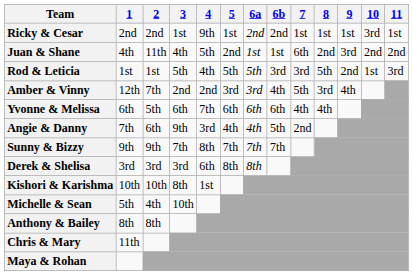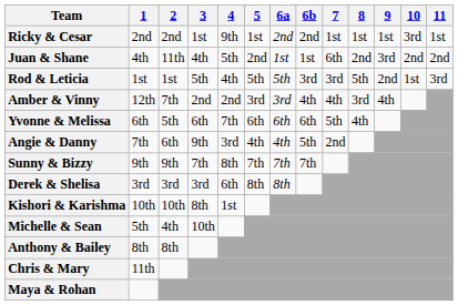 <table class="wikitable sortable" style="text-align:left;">
 <tr>
 <th scope="col" class="unsortable">Team</th>
 <th scope="col"><a href='#'>1</a></th>
 <th scope="col"><a href='#'>2</a></th>
 <th scope="col"><a href='#'>3</a></th>
 <th scope="col"><a href='#'>4</a></th>
 <th scope="col"><a href='#'>5</a></th>
 <th scope="col"><a href='#'>6a</a><span></span></th>
 <th scope="col"><a href='#'>6b</a></th>
 <th scope="col"><a href='#'>7</a></th>
 <th scope="col"><a href='#'>8</a></th>
 <th scope="col"><a href='#'>9</a></th>
 <th scope="col"><a href='#'>10</a></th>
 <th scope="col"><a href='#'>11</a></th>
 </tr>
 <tr>
 <th scope="row" style="text-align:left">Ricky & Cesar</th>
 <td>2nd</td>
 <td>2nd</td>
 <td>1st</td>
 <td>9th</td>
 <td>1st</td>
 <td><em>2nd</em></td>
 <td>2nd</td>
 <td>1st</td>
 <td>1st</td>
 <td>1st</td>
 <td>3rd</td>
 <td>1st</td>
 </tr>
 <tr>
 <th scope="row" style="text-align:left">Juan & Shane</th>
 <td>4th</td>
 <td>11th</td>
 <td>4th</td>
 <td>5th</td>
 <td>2nd</td>
 <td><em>1st</em></td>
 <td>1st</td>
 <td>6th</td>
 <td>2nd</td>
 <td>3rd</td>
 <td>2nd</td>
 <td>2nd</td>
 </tr>
 <tr>
 <th scope="row" style="text-align:left">Rod & Leticia</th>
 <td>1st</td>
 <td>1st</td>
 <td>5th</td>
 <td>4th</td>
 <td>5th</td>
 <td><em>5th</em></td>
 <td>3rd</td>
 <td>3rd</td>
 <td>5th</td>
 <td>2nd</td>
 <td>1st</td>
 <td>3rd</td>
 </tr>
 <tr>
 <th scope="row" style="text-align:left">Amber & Vinny</th>
 <td>12th</td>
 <td>7th</td>
 <td>2nd</td>
 <td>2nd</td>
 <td>3rd</td>
 <td><em>3rd</em></td>
 <td>4th</td>
-<td>5th</td>
+<td>4th</td>
 <td>3rd</td>
 <td>4th</td>
 <td></td>
 <td colspan="1" bgcolor="darkgray"></td>
 </tr>
 <tr>
 <th scope="row" style="text-align:left">Yvonne & Melissa</th>
 <td>6th</td>
 <td>5th</td>
 <td>6th</td>
 <td>7th</td>
 <td>6th</td>
 <td><em>6th</em></td>
 <td>6th</td>
-<td>4th</td>
+<td>5th</td>
 <td>4th</td>
 <td></td>
 <td colspan="3" bgcolor="darkgray"></td>
 </tr>
 <tr>
 <th scope="row" style="text-align:left">Angie & Danny</th>
 <td>7th</td>
 <td>6th</td>
 <td>9th</td>
 <td>3rd</td>
 <td>4th</td>
 <td><em>4th</em></td>
 <td>5th</td>
 <td>2nd</td>
 <td></td>
 <td colspan="4" bgcolor="darkgray"></td>
 </tr>
 <tr>
 <th scope="row" style="text-align:left">Sunny & Bizzy</th>
 <td>9th</td>
 <td>9th</td>
 <td>7th</td>
 <td>8th</td>
 <td>7th</td>
 <td><em>7th</em></td>
 <td>7th</td>
 <td></td>
 <td colspan="5" bgcolor="darkgray"></td>
 </tr>
 <tr>
 <th scope="row" style="text-align:left">Derek & Shelisa</th>
 <td>3rd</td>
 <td>3rd</td>
 <td>3rd</td>
 <td>6th</td>
 <td>8th</td>
 <td><em>8th</em></td>
 <td></td>
 <td colspan="6" bgcolor="darkgray"></td>
 </tr>
 <tr>
 <th scope="row" style="text-align:left">Kishori & Karishma</th>
 <td>10th</td>
 <td>10th</td>
 <td>8th</td>
 <td>1st</td>
 <td></td>
 <td colspan="7" bgcolor="darkgray"></td>
 </tr>
 <tr>
 <th scope="row" style="text-align:left">Michelle & Sean</th>
 <td>5th</td>
 <td>4th</td>
 <td>10th</td>
 <td></td>
 <td colspan="8" bgcolor="darkgray"></td>
 </tr>
 <tr>
 <th scope="row" style="text-align:left">Anthony & Bailey</th>
 <td>8th</td>
 <td>8th</td>
 <td></td>
 <td colspan="9" bgcolor="darkgray"></td>
 </tr>
 <tr>
 <th scope="row" style="text-align:left">Chris & Mary</th>
 <td>11th</td>
 <td></td>
 <td colspan="10" bgcolor="darkgray"></td>
 </tr>
 <tr>
 <th scope="row" style="text-align:left">Maya & Rohan</th>
 <td></td>
 <td colspan="11" bgcolor="darkgray"></td>
 </tr>
 </table>
